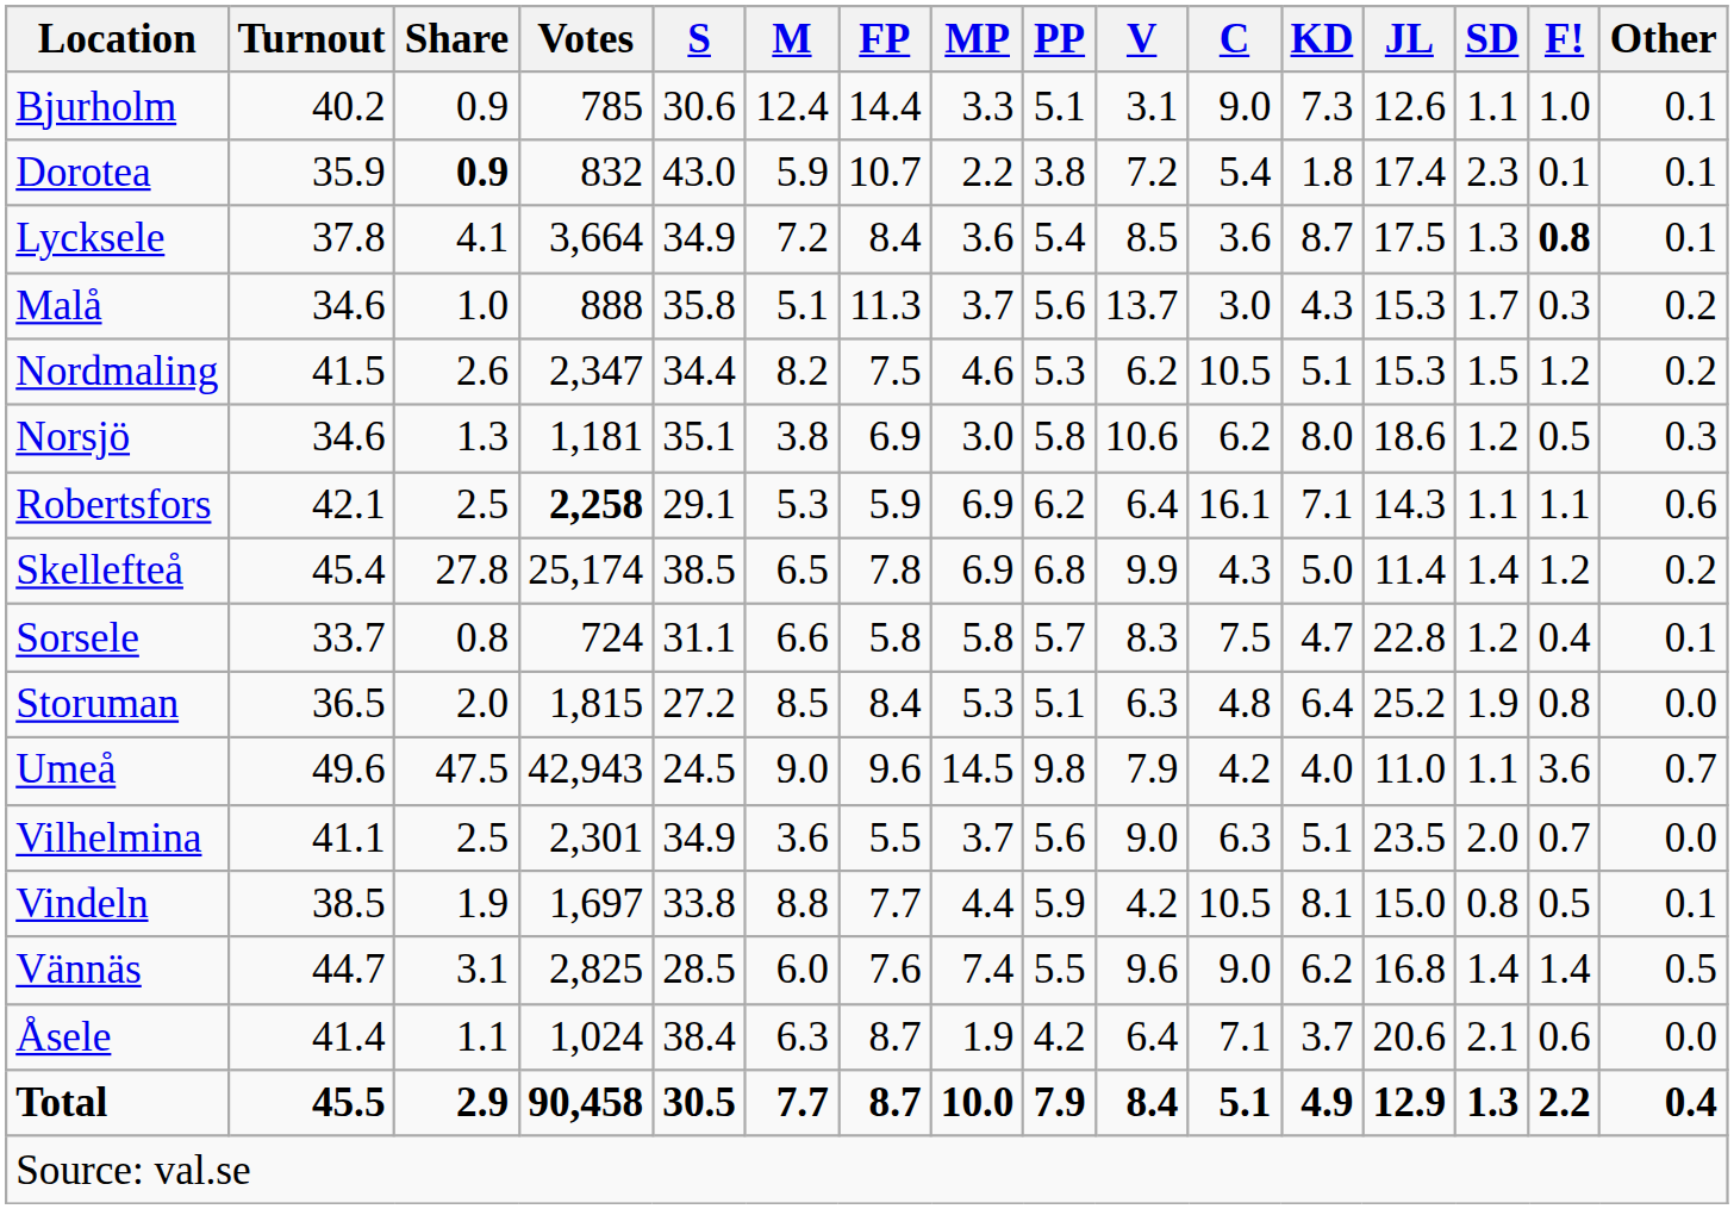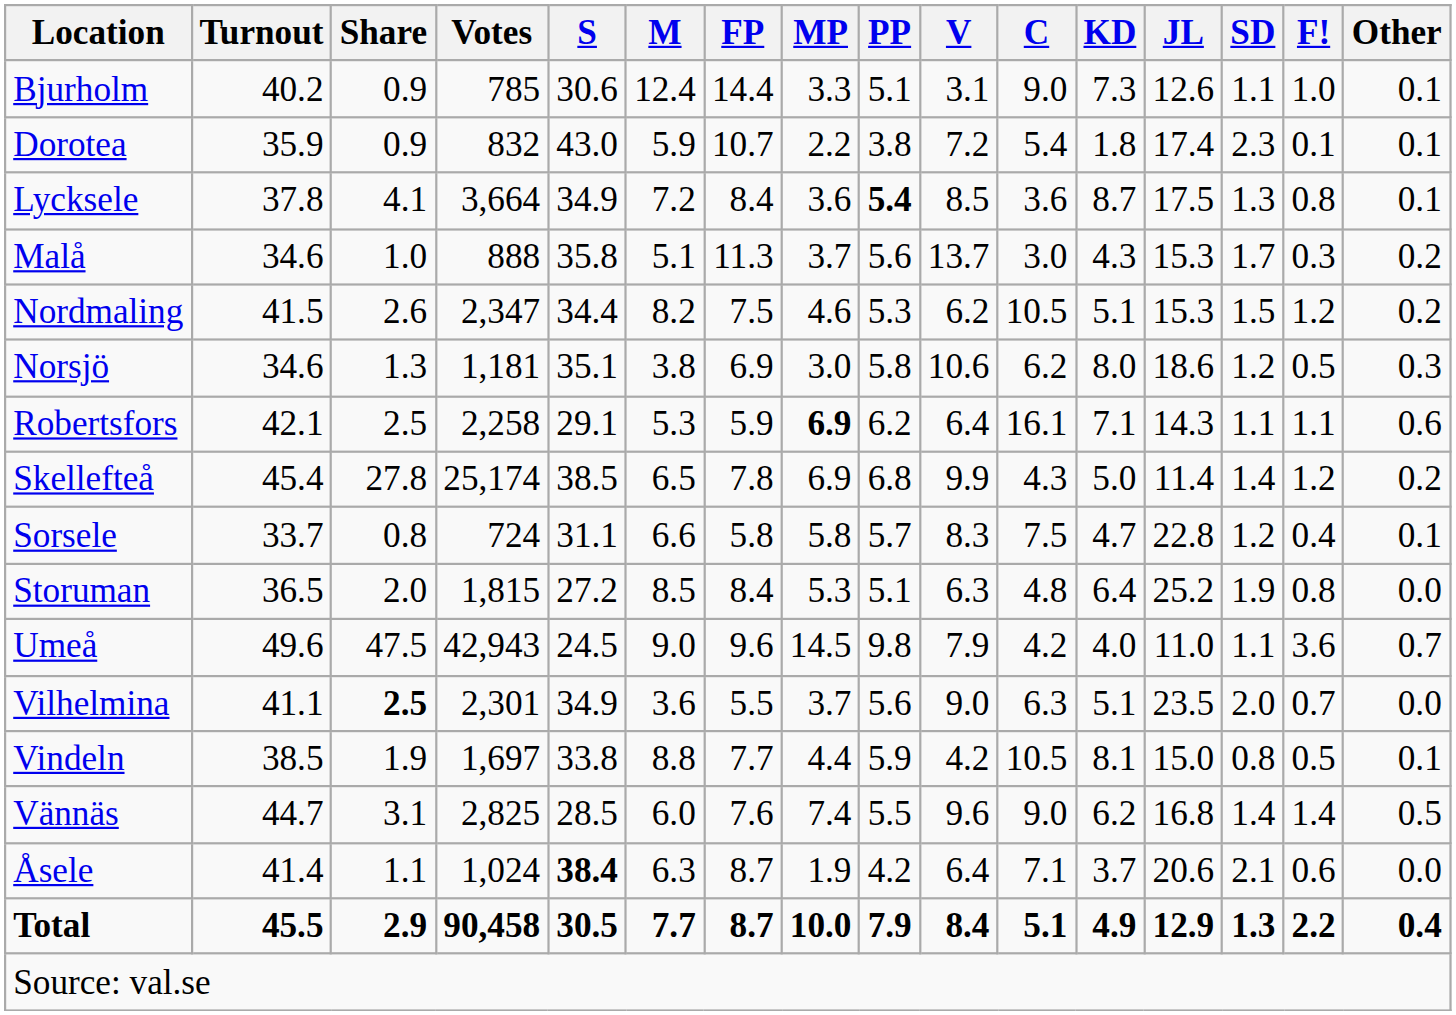 <table class="wikitable sortable" style=text-align:right>
 <tr>
 <th>Location</th>
 <th>Turnout</th>
 <th>Share</th>
 <th>Votes</th>
 <th><a href='#'>S</a></th>
 <th><a href='#'>M</a></th>
 <th><a href='#'>FP</a></th>
 <th><a href='#'>MP</a></th>
 <th><a href='#'>PP</a></th>
 <th><a href='#'>V</a></th>
 <th><a href='#'>C</a></th>
 <th><a href='#'>KD</a></th>
 <th><a href='#'>JL</a></th>
 <th><a href='#'>SD</a></th>
 <th><a href='#'>F!</a></th>
 <th>Other</th>
 </tr>
 <tr>
 <td align=left><a href='#'>Bjurholm</a></td>
 <td>40.2</td>
 <td>0.9</td>
 <td>785</td>
 <td>30.6</td>
 <td>12.4</td>
 <td>14.4</td>
 <td>3.3</td>
 <td>5.1</td>
 <td>3.1</td>
 <td>9.0</td>
 <td>7.3</td>
 <td>12.6</td>
 <td>1.1</td>
 <td>1.0</td>
 <td>0.1</td>
 </tr>
 <tr>
 <td align=left><a href='#'>Dorotea</a></td>
 <td>35.9</td>
-<td><strong>0.9</strong></td>
+<td>0.9</td>
 <td>832</td>
 <td>43.0</td>
 <td>5.9</td>
 <td>10.7</td>
 <td>2.2</td>
 <td>3.8</td>
 <td>7.2</td>
 <td>5.4</td>
 <td>1.8</td>
 <td>17.4</td>
 <td>2.3</td>
 <td>0.1</td>
 <td>0.1</td>
 </tr>
 <tr>
 <td align=left><a href='#'>Lycksele</a></td>
 <td>37.8</td>
 <td>4.1</td>
 <td>3,664</td>
 <td>34.9</td>
 <td>7.2</td>
 <td>8.4</td>
 <td>3.6</td>
-<td>5.4</td>
+<td><strong>5.4</strong></td>
 <td>8.5</td>
 <td>3.6</td>
 <td>8.7</td>
 <td>17.5</td>
 <td>1.3</td>
-<td><strong>0.8</strong></td>
+<td>0.8</td>
 <td>0.1</td>
 </tr>
 <tr>
 <td align=left><a href='#'>Malå</a></td>
 <td>34.6</td>
 <td>1.0</td>
 <td>888</td>
 <td>35.8</td>
 <td>5.1</td>
 <td>11.3</td>
 <td>3.7</td>
 <td>5.6</td>
 <td>13.7</td>
 <td>3.0</td>
 <td>4.3</td>
 <td>15.3</td>
 <td>1.7</td>
 <td>0.3</td>
 <td>0.2</td>
 </tr>
 <tr>
 <td align=left><a href='#'>Nordmaling</a></td>
 <td>41.5</td>
 <td>2.6</td>
 <td>2,347</td>
 <td>34.4</td>
 <td>8.2</td>
 <td>7.5</td>
 <td>4.6</td>
 <td>5.3</td>
 <td>6.2</td>
 <td>10.5</td>
 <td>5.1</td>
 <td>15.3</td>
 <td>1.5</td>
 <td>1.2</td>
 <td>0.2</td>
 </tr>
 <tr>
 <td align=left><a href='#'>Norsjö</a></td>
 <td>34.6</td>
 <td>1.3</td>
 <td>1,181</td>
 <td>35.1</td>
 <td>3.8</td>
 <td>6.9</td>
 <td>3.0</td>
 <td>5.8</td>
 <td>10.6</td>
 <td>6.2</td>
 <td>8.0</td>
 <td>18.6</td>
 <td>1.2</td>
 <td>0.5</td>
 <td>0.3</td>
 </tr>
 <tr>
 <td align=left><a href='#'>Robertsfors</a></td>
 <td>42.1</td>
 <td>2.5</td>
-<td><strong>2,258</strong></td>
+<td>2,258</td>
 <td>29.1</td>
 <td>5.3</td>
 <td>5.9</td>
-<td>6.9</td>
+<td><strong>6.9</strong></td>
 <td>6.2</td>
 <td>6.4</td>
 <td>16.1</td>
 <td>7.1</td>
 <td>14.3</td>
 <td>1.1</td>
 <td>1.1</td>
 <td>0.6</td>
 </tr>
 <tr>
 <td align=left><a href='#'>Skellefteå</a></td>
 <td>45.4</td>
 <td>27.8</td>
 <td>25,174</td>
 <td>38.5</td>
 <td>6.5</td>
 <td>7.8</td>
 <td>6.9</td>
 <td>6.8</td>
 <td>9.9</td>
 <td>4.3</td>
 <td>5.0</td>
 <td>11.4</td>
 <td>1.4</td>
 <td>1.2</td>
 <td>0.2</td>
 </tr>
 <tr>
 <td align=left><a href='#'>Sorsele</a></td>
 <td>33.7</td>
 <td>0.8</td>
 <td>724</td>
 <td>31.1</td>
 <td>6.6</td>
 <td>5.8</td>
 <td>5.8</td>
 <td>5.7</td>
 <td>8.3</td>
 <td>7.5</td>
 <td>4.7</td>
 <td>22.8</td>
 <td>1.2</td>
 <td>0.4</td>
 <td>0.1</td>
 </tr>
 <tr>
 <td align=left><a href='#'>Storuman</a></td>
 <td>36.5</td>
 <td>2.0</td>
 <td>1,815</td>
 <td>27.2</td>
 <td>8.5</td>
 <td>8.4</td>
 <td>5.3</td>
 <td>5.1</td>
 <td>6.3</td>
 <td>4.8</td>
 <td>6.4</td>
 <td>25.2</td>
 <td>1.9</td>
 <td>0.8</td>
 <td>0.0</td>
 </tr>
 <tr>
 <td align=left><a href='#'>Umeå</a></td>
 <td>49.6</td>
 <td>47.5</td>
 <td>42,943</td>
 <td>24.5</td>
 <td>9.0</td>
 <td>9.6</td>
 <td>14.5</td>
 <td>9.8</td>
 <td>7.9</td>
 <td>4.2</td>
 <td>4.0</td>
 <td>11.0</td>
 <td>1.1</td>
 <td>3.6</td>
 <td>0.7</td>
 </tr>
 <tr>
 <td align=left><a href='#'>Vilhelmina</a></td>
 <td>41.1</td>
-<td>2.5</td>
+<td><strong>2.5</strong></td>
 <td>2,301</td>
 <td>34.9</td>
 <td>3.6</td>
 <td>5.5</td>
 <td>3.7</td>
 <td>5.6</td>
 <td>9.0</td>
 <td>6.3</td>
 <td>5.1</td>
 <td>23.5</td>
 <td>2.0</td>
 <td>0.7</td>
 <td>0.0</td>
 </tr>
 <tr>
 <td align=left><a href='#'>Vindeln</a></td>
 <td>38.5</td>
 <td>1.9</td>
 <td>1,697</td>
 <td>33.8</td>
 <td>8.8</td>
 <td>7.7</td>
 <td>4.4</td>
 <td>5.9</td>
 <td>4.2</td>
 <td>10.5</td>
 <td>8.1</td>
 <td>15.0</td>
 <td>0.8</td>
 <td>0.5</td>
 <td>0.1</td>
 </tr>
 <tr>
 <td align=left><a href='#'>Vännäs</a></td>
 <td>44.7</td>
 <td>3.1</td>
 <td>2,825</td>
 <td>28.5</td>
 <td>6.0</td>
 <td>7.6</td>
 <td>7.4</td>
 <td>5.5</td>
 <td>9.6</td>
 <td>9.0</td>
 <td>6.2</td>
 <td>16.8</td>
 <td>1.4</td>
 <td>1.4</td>
 <td>0.5</td>
 </tr>
 <tr>
 <td align=left><a href='#'>Åsele</a></td>
 <td>41.4</td>
 <td>1.1</td>
 <td>1,024</td>
-<td>38.4</td>
+<td><strong>38.4</strong></td>
 <td>6.3</td>
 <td>8.7</td>
 <td>1.9</td>
 <td>4.2</td>
 <td>6.4</td>
 <td>7.1</td>
 <td>3.7</td>
 <td>20.6</td>
 <td>2.1</td>
 <td>0.6</td>
 <td>0.0</td>
 </tr>
 <tr>
 <td align=left><strong>Total</strong></td>
 <td><strong>45.5</strong></td>
 <td><strong>2.9</strong></td>
 <td><strong>90,458</strong></td>
 <td><strong>30.5</strong></td>
 <td><strong>7.7</strong></td>
 <td><strong>8.7</strong></td>
 <td><strong>10.0</strong></td>
 <td><strong>7.9</strong></td>
 <td><strong>8.4</strong></td>
 <td><strong>5.1</strong></td>
 <td><strong>4.9</strong></td>
 <td><strong>12.9</strong></td>
 <td><strong>1.3</strong></td>
 <td><strong>2.2</strong></td>
 <td><strong>0.4</strong></td>
 </tr>
 <tr>
 <td align=left colspan=16>Source: val.se </td>
 </tr>
 </table>
